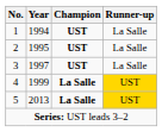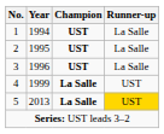 <table class="wikitable" style="float: right; margin-right: 0; margin-left: 1em; font-size:85%">
 <tr>
 <th scope=col>No.</th>
 <th scope=col>Year</th>
 <th scope=col>Champion</th>
 <th scope=col>Runner-up</th>
 </tr>
 <tr align=center>
 <td>1</td>
 <td>1994</td>
 <td><strong>UST</strong></td>
 <td>La Salle</td>
 </tr>
 <tr align=center>
 <td>2</td>
 <td>1995</td>
 <td><strong>UST</strong></td>
 <td>La Salle</td>
 </tr>
 <tr align=center>
 <td>3</td>
-<td>1997</td>
+<td>1996</td>
 <td><strong>UST</strong></td>
 <td>La Salle</td>
 </tr>
 <tr align=center>
 <td>4</td>
 <td>1999</td>
 <td><strong>La Salle</strong></td>
-<td style="background: gold;">UST</td>
+<td>UST</td>
 </tr>
 <tr align=center>
 <td>5</td>
 <td>2013</td>
 <td><strong>La Salle</strong></td>
 <td style="background: gold;">UST</td>
 </tr>
 <tr align=center>
 <td colspan=4><strong>Series:</strong> UST leads 3–2</td>
 </tr>
 </table>
